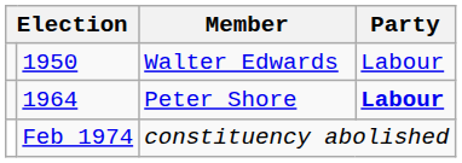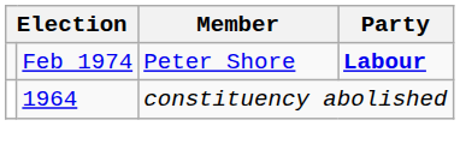 <table class="wikitable">
 <tr>
 <th colspan="2">Election</th>
 <th>Member</th>
 <th>Party</th>
 </tr>
 <tr>
 <td style="color:inherit;background-color: "></td>
-<td><a href='#'>1950</a></td>
-<td><a href='#'>Walter Edwards</a></td>
-<td><a href='#'>Labour</a></td>
-</tr>
-<tr>
-<td style="color:inherit;background-color: "></td>
-<td><a href='#'>1964</a></td>
+<td><a href='#'>Feb 1974</a></td>
 <td><a href='#'>Peter Shore</a></td>
 <td><strong><a href='#'>Labour</a></strong></td>
 </tr>
 <tr>
 <td style="color:inherit;background-color: white"></td>
-<td><a href='#'>Feb 1974</a></td>
+<td><a href='#'>1964</a></td>
 <td colspan="2"><em>constituency abolished</em></td>
 </tr>
 </table>
